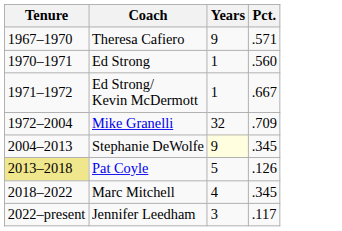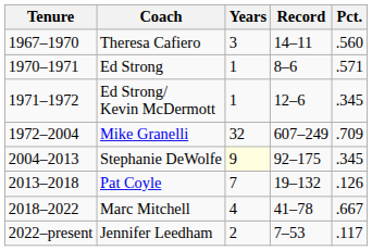 <table class="wikitable">
 <tr>
 <th>Tenure</th>
 <th>Coach</th>
 <th>Years</th>
+<th>Record</th>
 <th>Pct.</th>
 </tr>
 <tr>
 <td>1967–1970</td>
 <td>Theresa Cafiero</td>
-<td>9</td>
-<td>.571</td>
+<td>3</td>
+<td>14–11</td>
+<td>.560</td>
 </tr>
 <tr>
 <td>1970–1971</td>
 <td>Ed Strong</td>
 <td>1</td>
-<td>.560</td>
+<td>8–6</td>
+<td>.571</td>
 </tr>
 <tr>
 <td>1971–1972</td>
 <td>Ed Strong/<br>Kevin McDermott</td>
 <td>1</td>
-<td>.667</td>
+<td>12–6</td>
+<td>.345</td>
 </tr>
 <tr>
 <td>1972–2004</td>
 <td><a href='#'>Mike Granelli</a></td>
 <td>32</td>
+<td>607–249</td>
 <td>.709</td>
 </tr>
 <tr>
 <td>2004–2013</td>
 <td>Stephanie DeWolfe</td>
 <td style="background: lightyellow;">9</td>
+<td>92–175</td>
 <td>.345</td>
 </tr>
 <tr>
-<td style="background: khaki;">2013–2018</td>
+<td>2013–2018</td>
 <td><a href='#'>Pat Coyle</a></td>
-<td>5</td>
+<td>7</td>
+<td>19–132</td>
 <td>.126</td>
 </tr>
 <tr>
 <td>2018–2022</td>
 <td>Marc Mitchell</td>
 <td>4</td>
-<td>.345</td>
+<td>41–78</td>
+<td>.667</td>
 </tr>
 <tr>
 <td>2022–present</td>
 <td>Jennifer Leedham</td>
-<td>3</td>
+<td>2</td>
+<td>7–53</td>
 <td>.117</td>
 </tr>
 </table>
